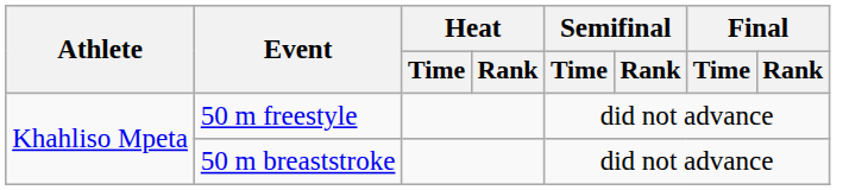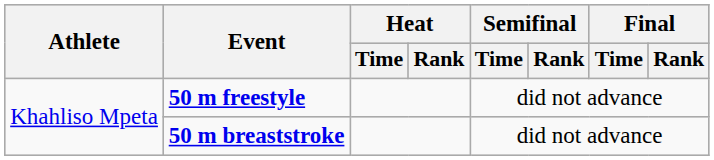 <table class=wikitable style="font-size:90%">
 <tr>
 <th rowspan="2">Athlete</th>
 <th rowspan="2">Event</th>
 <th colspan="2">Heat</th>
 <th colspan="2">Semifinal</th>
 <th colspan="2">Final</th>
 </tr>
 <tr style="font-size:95%">
 <th>Time</th>
 <th>Rank</th>
 <th>Time</th>
 <th>Rank</th>
 <th>Time</th>
 <th>Rank</th>
 </tr>
 <tr align=center>
 <td align=left rowspan=2><a href='#'>Khahliso Mpeta</a></td>
-<td align=left><a href='#'>50 m freestyle</a></td>
+<td align=left><strong><a href='#'>50 m freestyle</a></strong></td>
 <td colspan=2></td>
 <td colspan=4>did not advance</td>
 </tr>
 <tr align=center>
-<td align=left><a href='#'>50 m breaststroke</a></td>
+<td align=left><strong><a href='#'>50 m breaststroke</a></strong></td>
 <td colspan=2></td>
 <td colspan=4>did not advance</td>
 </tr>
 </table>
